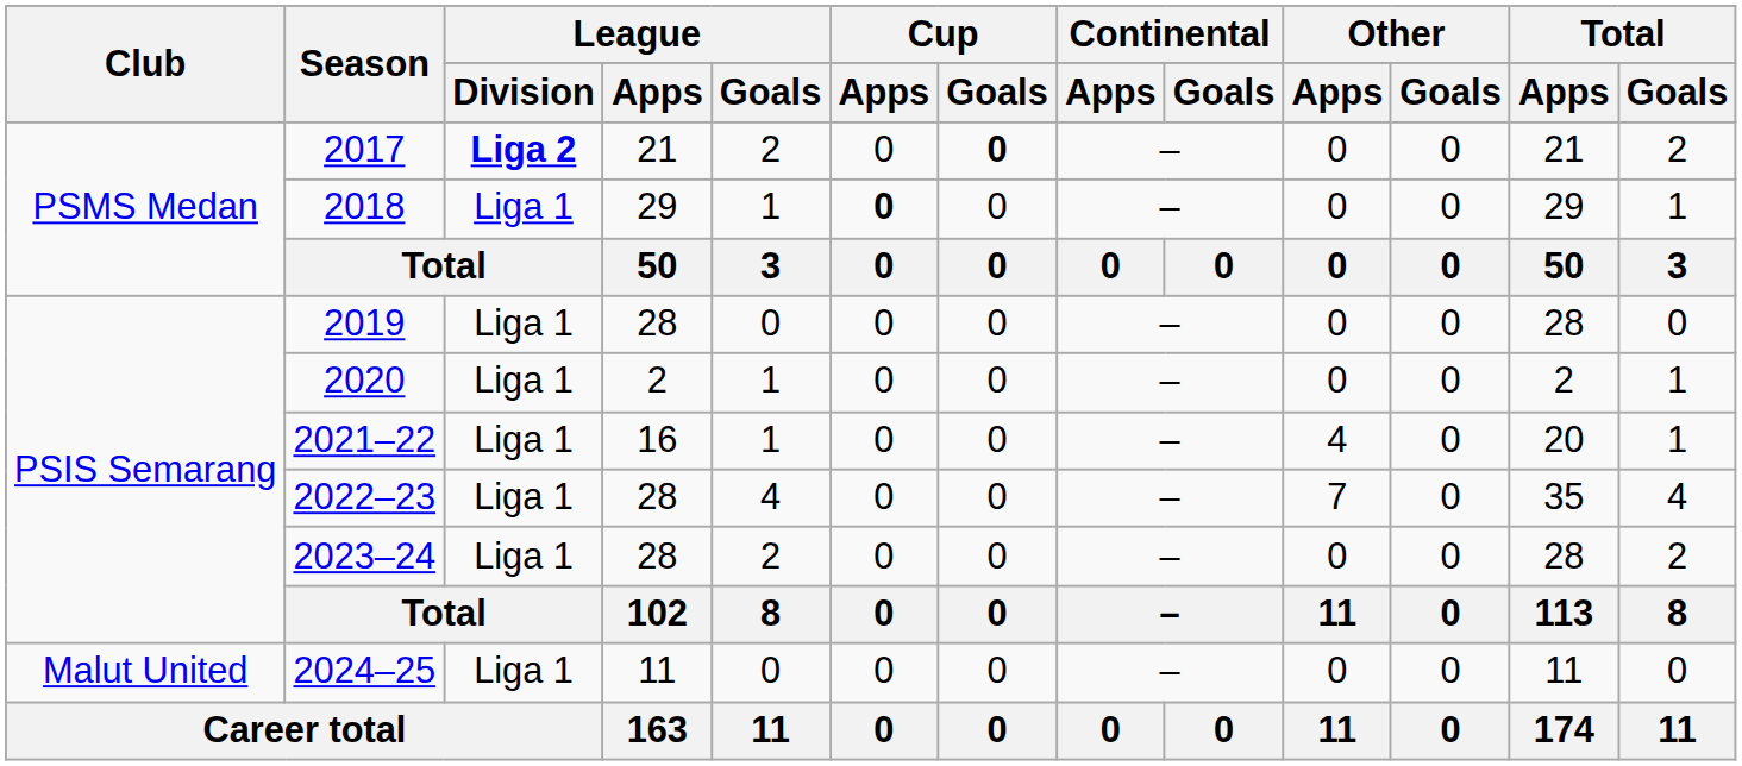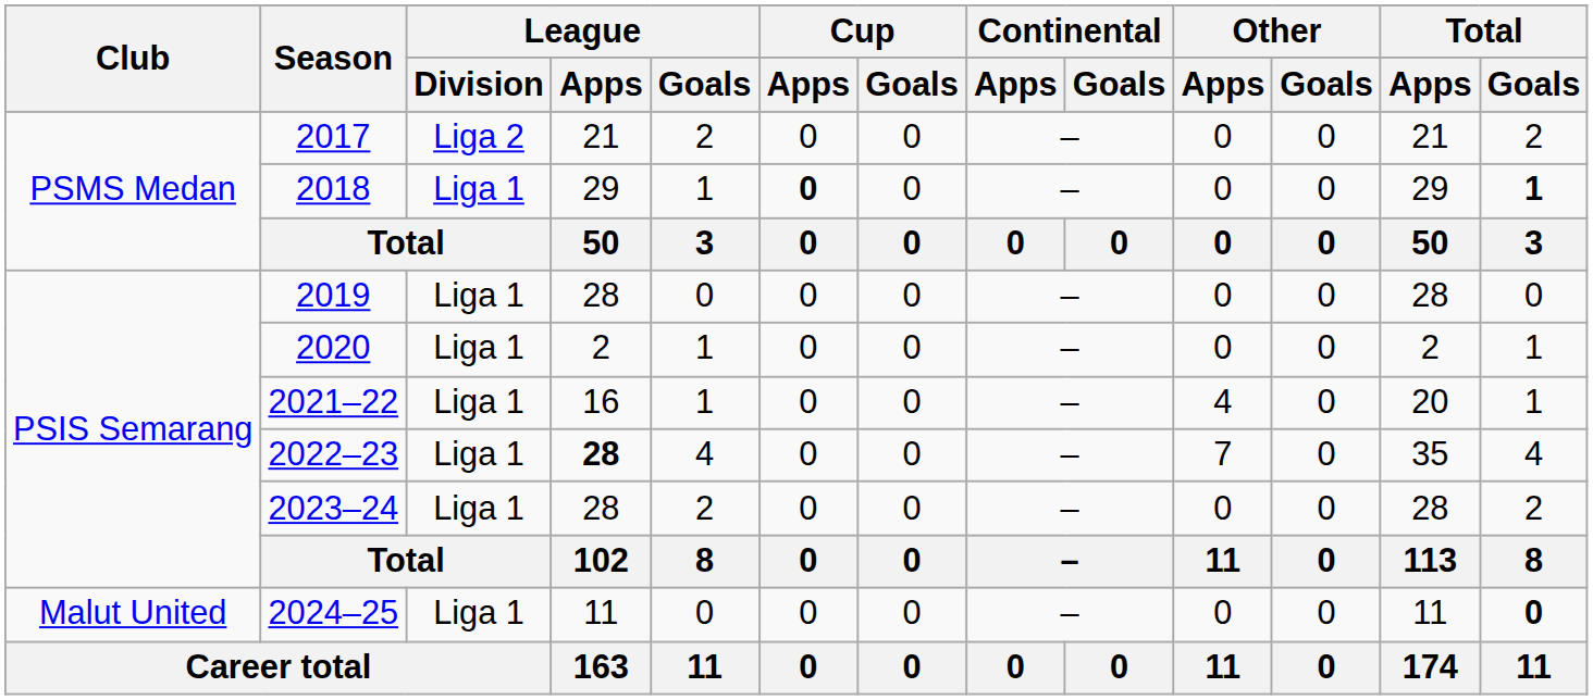 <table class="wikitable" style="text-align:center">
 <tr>
 <th rowspan="2">Club</th>
 <th rowspan="2">Season</th>
 <th colspan="3">League</th>
 <th colspan="2">Cup</th>
 <th colspan="2">Continental</th>
 <th colspan="2">Other</th>
 <th colspan="2">Total</th>
 </tr>
 <tr>
 <th>Division</th>
 <th>Apps</th>
 <th>Goals</th>
 <th>Apps</th>
 <th>Goals</th>
 <th>Apps</th>
 <th>Goals</th>
 <th>Apps</th>
 <th>Goals</th>
 <th>Apps</th>
 <th>Goals</th>
 </tr>
 <tr>
 <td rowspan="3" valign="center"><a href='#'>PSMS Medan</a></td>
 <td><a href='#'>2017</a></td>
-<td><strong><a href='#'>Liga 2</a></strong></td>
+<td><a href='#'>Liga 2</a></td>
 <td>21</td>
 <td>2</td>
 <td>0</td>
-<td><strong>0</strong></td>
+<td>0</td>
 <td colspan="2">–</td>
 <td>0</td>
 <td>0</td>
 <td>21</td>
 <td>2</td>
 </tr>
 <tr>
 <td><a href='#'>2018</a></td>
 <td><a href='#'>Liga 1</a></td>
 <td>29</td>
 <td>1</td>
 <td><strong>0</strong></td>
 <td>0</td>
 <td colspan="2">–</td>
 <td>0</td>
 <td>0</td>
 <td>29</td>
-<td>1</td>
+<td><strong>1</strong></td>
 </tr>
 <tr>
 <th colspan="2">Total</th>
 <th>50</th>
 <th>3</th>
 <th>0</th>
 <th>0</th>
 <th>0</th>
 <th>0</th>
 <th>0</th>
 <th>0</th>
 <th>50</th>
 <th>3</th>
 </tr>
 <tr>
 <td rowspan="6" valign="center"><a href='#'>PSIS Semarang</a></td>
 <td><a href='#'>2019</a></td>
 <td rowspan="1" valign="center">Liga 1</td>
 <td>28</td>
 <td>0</td>
 <td>0</td>
 <td>0</td>
 <td colspan="2">–</td>
 <td>0</td>
 <td>0</td>
 <td>28</td>
 <td>0</td>
 </tr>
 <tr>
 <td><a href='#'>2020</a></td>
 <td rowspan="1">Liga 1</td>
 <td>2</td>
 <td>1</td>
 <td>0</td>
 <td>0</td>
 <td colspan="2">–</td>
 <td>0</td>
 <td>0</td>
 <td>2</td>
 <td>1</td>
 </tr>
 <tr>
 <td><a href='#'>2021–22</a></td>
 <td rowspan="1">Liga 1</td>
 <td>16</td>
 <td>1</td>
 <td>0</td>
 <td>0</td>
 <td colspan="2">–</td>
 <td>4</td>
 <td>0</td>
 <td>20</td>
 <td>1</td>
 </tr>
 <tr>
 <td><a href='#'>2022–23</a></td>
 <td>Liga 1</td>
-<td>28</td>
+<td><strong>28</strong></td>
 <td>4</td>
 <td>0</td>
 <td>0</td>
 <td colspan="2">–</td>
 <td>7</td>
 <td>0</td>
 <td>35</td>
 <td>4</td>
 </tr>
 <tr>
 <td><a href='#'>2023–24</a></td>
 <td>Liga 1</td>
 <td>28</td>
 <td>2</td>
 <td>0</td>
 <td>0</td>
 <td colspan="2">–</td>
 <td>0</td>
 <td>0</td>
 <td>28</td>
 <td>2</td>
 </tr>
 <tr>
 <th colspan="2">Total</th>
 <th>102</th>
 <th>8</th>
 <th>0</th>
 <th>0</th>
 <th colspan="2">–</th>
 <th>11</th>
 <th>0</th>
 <th>113</th>
 <th>8</th>
 </tr>
 <tr>
 <td rowspan="1"><a href='#'>Malut United</a></td>
 <td><a href='#'>2024–25</a></td>
 <td>Liga 1</td>
 <td>11</td>
 <td>0</td>
 <td>0</td>
 <td>0</td>
 <td colspan="2">–</td>
 <td>0</td>
 <td>0</td>
 <td>11</td>
-<td>0</td>
+<td><strong>0</strong></td>
 </tr>
 <tr>
 <th colspan="3">Career total</th>
 <th>163</th>
 <th>11</th>
 <th>0</th>
 <th>0</th>
 <th>0</th>
 <th>0</th>
 <th>11</th>
 <th>0</th>
 <th>174</th>
 <th>11</th>
 </tr>
 </table>
